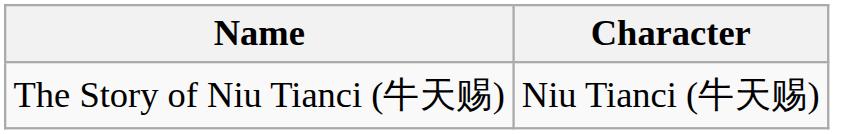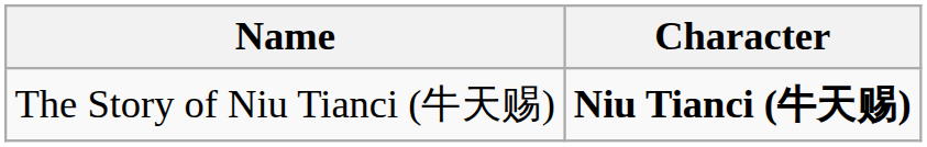 <table class="wikitable">
 <tr>
 <th>Name</th>
 <th>Character</th>
 </tr>
 <tr>
 <td>The Story of Niu Tianci (牛天赐)</td>
-<td>Niu Tianci (牛天赐)</td>
+<td><strong>Niu Tianci (牛天赐)</strong></td>
 </tr>
 </table>
